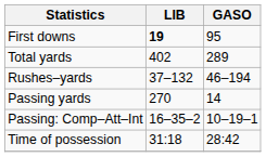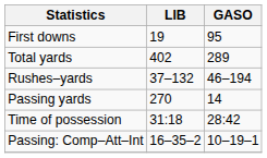 <table class="wikitable" style="float: left;">
 <tr>
 <th>Statistics</th>
 <th>LIB</th>
 <th>GASO</th>
 </tr>
 <tr>
 <td>First downs</td>
-<td><strong>19</strong></td>
+<td>19</td>
 <td>95</td>
 </tr>
 <tr>
 <td>Total yards</td>
 <td>402</td>
 <td>289</td>
 </tr>
 <tr>
 <td>Rushes–yards</td>
 <td>37–132</td>
 <td>46–194</td>
 </tr>
 <tr>
 <td>Passing yards</td>
 <td>270</td>
 <td>14</td>
 </tr>
 <tr>
+<td>Time of possession</td>
+<td>31:18</td>
+<td>28:42</td>
+</tr>
+<tr>
 <td>Passing: Comp–Att–Int</td>
 <td>16–35–2</td>
 <td>10–19–1</td>
 </tr>
 <tr>
-<td>Time of possession</td>
-<td>31:18</td>
-<td>28:42</td>
-</tr>
-<tr>
 </tr>
 </table>
